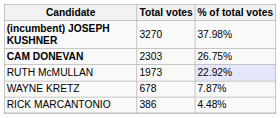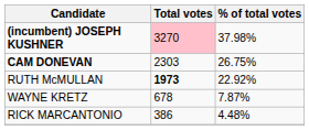 <table class="wikitable">
 <tr>
 <th bgcolor="#DDDDFF" width="200px">Candidate</th>
 <th bgcolor="#DDDDFF">Total votes</th>
 <th bgcolor="#DDDDFF">% of total votes</th>
 </tr>
 <tr>
 <td><strong>(incumbent) JOSEPH KUSHNER</strong></td>
-<td>3270</td>
+<td style="background: pink;">3270</td>
 <td>37.98%</td>
 </tr>
 <tr>
 <td><strong>CAM DONEVAN</strong></td>
 <td>2303</td>
 <td>26.75%</td>
 </tr>
 <tr>
 <td>RUTH McMULLAN</td>
-<td>1973</td>
-<td style="background: lavender;">22.92%</td>
+<td><strong>1973</strong></td>
+<td>22.92%</td>
 </tr>
 <tr>
 <td>WAYNE KRETZ</td>
 <td>678</td>
 <td>7.87%</td>
 </tr>
 <tr>
 <td>RICK MARCANTONIO</td>
 <td>386</td>
 <td>4.48%</td>
 </tr>
 <tr>
 </tr>
 </table>
